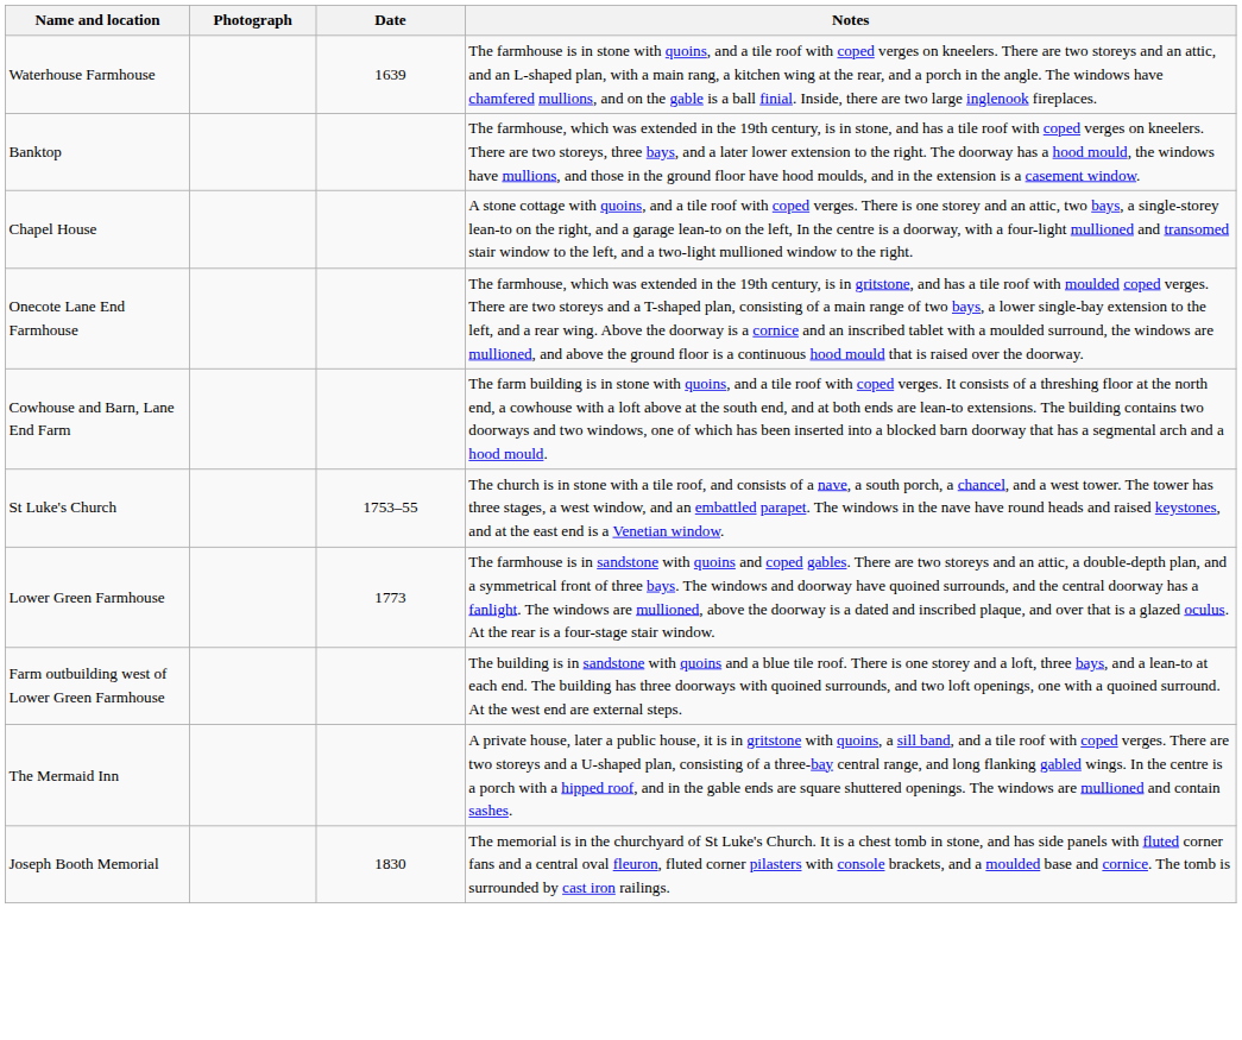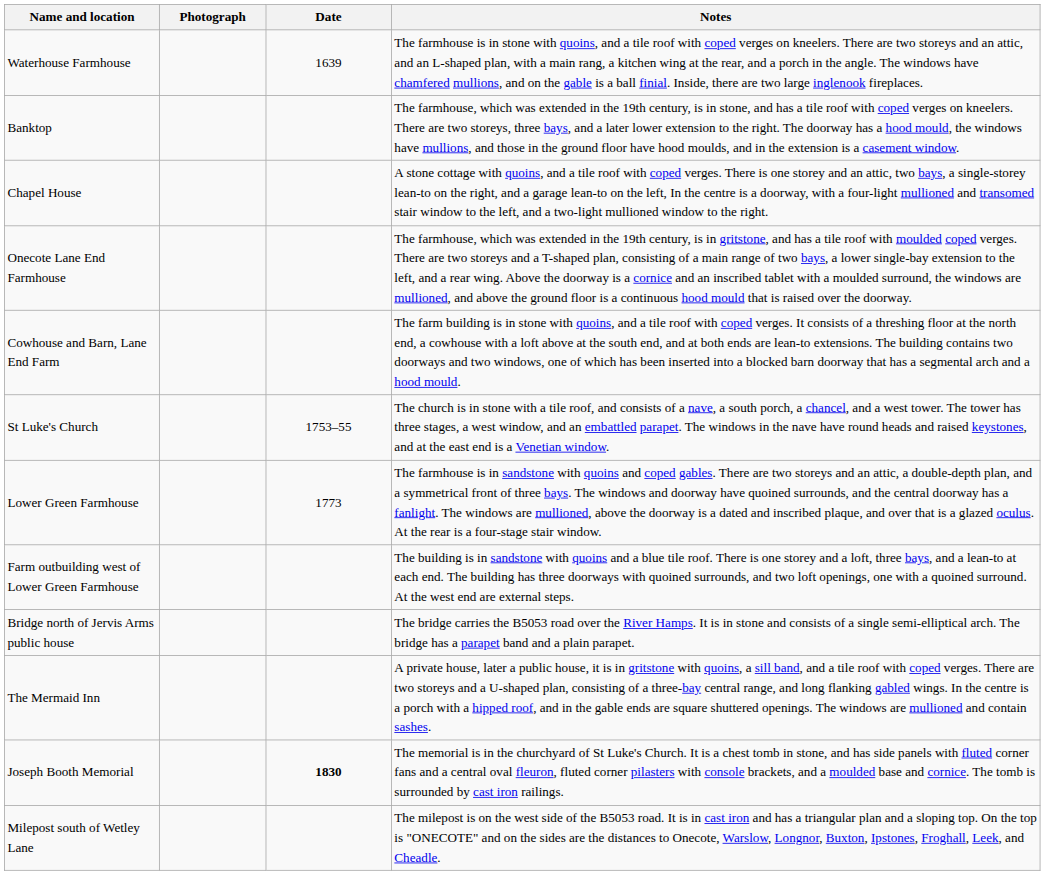 <table class="wikitable sortable plainrowheaders" style="width:100%;border:0px;text-align:left;line-height:150%;">
 <tr>
 <th scope="col"  style="width:150px">Name and location</th>
 <th scope="col"  style="width:100px" class="unsortable">Photograph</th>
 <th scope="col"  style="width:120px">Date</th>
 <th scope="col"  style="width:650px" class="unsortable">Notes</th>
 </tr>
 <tr>
 <td>Waterhouse Farmhouse<br><small></small></td>
 <td></td>
 <td align="center">1639</td>
 <td>The farmhouse is in stone with <a href='#'>quoins</a>, and a tile roof with <a href='#'>coped</a> verges on kneelers.  There are two storeys and an attic, and an L-shaped plan, with a main rang, a kitchen wing at the rear, and a porch in the angle.  The windows have <a href='#'>chamfered</a> <a href='#'>mullions</a>, and on the <a href='#'>gable</a> is a ball <a href='#'>finial</a>.  Inside, there are two large <a href='#'>inglenook</a> fireplaces.</td>
 </tr>
 <tr>
 <td>Banktop<br><small></small></td>
 <td></td>
 <td align="center"></td>
 <td>The farmhouse, which was extended in the 19th century, is in stone, and has a tile roof with <a href='#'>coped</a> verges on kneelers.  There are two storeys, three <a href='#'>bays</a>, and a later lower extension to the right.  The doorway has a <a href='#'>hood mould</a>, the windows have <a href='#'>mullions</a>, and those in the ground floor have hood moulds, and in the extension is a <a href='#'>casement window</a>.</td>
 </tr>
 <tr>
 <td>Chapel House<br><small></small></td>
 <td></td>
 <td align="center"></td>
 <td>A stone cottage with <a href='#'>quoins</a>, and a tile roof with <a href='#'>coped</a> verges.  There is one storey and an attic, two <a href='#'>bays</a>, a single-storey lean-to on the right, and a garage lean-to on the left,  In the centre is a doorway, with a four-light <a href='#'>mullioned</a> and <a href='#'>transomed</a> stair window to the left, and a two-light mullioned window to the right.</td>
 </tr>
 <tr>
 <td>Onecote Lane End Farmhouse<br><small></small></td>
 <td></td>
 <td align="center"></td>
 <td>The farmhouse, which was extended in the 19th century, is in <a href='#'>gritstone</a>, and has a tile roof with <a href='#'>moulded</a> <a href='#'>coped</a> verges.  There are two storeys and a T-shaped plan, consisting of a main range of two <a href='#'>bays</a>, a lower single-bay extension to the left, and a rear wing.  Above the doorway is a <a href='#'>cornice</a> and an inscribed tablet with a moulded surround, the windows are <a href='#'>mullioned</a>, and above the ground floor is a continuous <a href='#'>hood mould</a> that is raised over the doorway.</td>
 </tr>
 <tr>
 <td>Cowhouse and Barn, Lane End Farm<br><small></small></td>
 <td></td>
 <td align="center"></td>
 <td>The farm building is in stone with <a href='#'>quoins</a>, and a tile roof with <a href='#'>coped</a> verges.  It consists of a threshing floor at the north end, a cowhouse with a loft above at the south end, and at both ends are lean-to extensions.  The building contains two doorways and two windows, one of which has been inserted into a blocked barn doorway that has a segmental arch and a <a href='#'>hood mould</a>.</td>
 </tr>
 <tr>
 <td>St Luke's Church<br><small></small></td>
 <td></td>
 <td align="center">1753–55</td>
 <td>The church is in stone with a tile roof, and consists of a <a href='#'>nave</a>, a south porch, a <a href='#'>chancel</a>, and a west tower.  The tower has three stages, a west window, and an <a href='#'>embattled</a> <a href='#'>parapet</a>.  The windows in the nave have round heads and raised <a href='#'>keystones</a>, and at the east end is a <a href='#'>Venetian window</a>.</td>
 </tr>
 <tr>
 <td>Lower Green Farmhouse<br><small></small></td>
 <td></td>
 <td align="center">1773</td>
 <td>The farmhouse is in <a href='#'>sandstone</a> with <a href='#'>quoins</a> and <a href='#'>coped</a> <a href='#'>gables</a>.  There are two storeys and an attic, a double-depth plan, and a symmetrical front of three <a href='#'>bays</a>.  The windows and doorway have quoined surrounds, and the central doorway has a <a href='#'>fanlight</a>.  The windows are <a href='#'>mullioned</a>, above the doorway is a dated and inscribed plaque, and over that is a glazed <a href='#'>oculus</a>.  At the rear is a four-stage stair window.</td>
 </tr>
 <tr>
 <td>Farm outbuilding west of Lower Green Farmhouse<br><small></small></td>
 <td></td>
 <td align="center"></td>
 <td>The building is in <a href='#'>sandstone</a> with <a href='#'>quoins</a> and a blue tile roof.  There is one storey and a loft, three <a href='#'>bays</a>, and a lean-to at each end.  The building has three doorways with quoined surrounds, and two loft openings, one with a quoined surround.  At the west end are external steps.</td>
 </tr>
 <tr>
+<td>Bridge north of Jervis Arms public house<br><small></small></td>
+<td></td>
+<td align="center"></td>
+<td>The bridge carries the B5053 road over the <a href='#'>River Hamps</a>.  It is in stone and consists of a single semi-elliptical arch.  The bridge has a <a href='#'>parapet</a> band and a plain parapet.</td>
+</tr>
+<tr>
 <td>The Mermaid Inn<br><small></small></td>
 <td></td>
 <td align="center"></td>
 <td>A private house, later a public house, it is in <a href='#'>gritstone</a> with <a href='#'>quoins</a>, a <a href='#'>sill band</a>, and a tile roof with <a href='#'>coped</a> verges.  There are two storeys and a U-shaped plan, consisting of a three-<a href='#'>bay</a> central range, and long flanking <a href='#'>gabled</a> wings.  In the centre is a porch with a <a href='#'>hipped roof</a>, and in the gable ends are square shuttered openings.  The windows are <a href='#'>mullioned</a> and contain <a href='#'>sashes</a>.</td>
 </tr>
 <tr>
 <td>Joseph Booth Memorial<br><small></small></td>
 <td></td>
-<td align="center">1830</td>
+<td align="center"><strong>1830</strong></td>
 <td>The memorial is in the churchyard of St Luke's Church.  It is a chest tomb in stone, and has side panels with <a href='#'>fluted</a> corner fans and a central oval <a href='#'>fleuron</a>, fluted corner <a href='#'>pilasters</a> with <a href='#'>console</a> brackets, and a <a href='#'>moulded</a> base and <a href='#'>cornice</a>.  The tomb is surrounded by <a href='#'>cast iron</a> railings.</td>
+</tr>
+<tr>
+<td>Milepost south of Wetley Lane<br><small></small></td>
+<td></td>
+<td align="center"></td>
+<td>The milepost is on the west side of the B5053 road.  It is in <a href='#'>cast iron</a> and has a triangular plan and a sloping top.  On the top is "ONECOTE" and on the sides are the distances to Onecote, <a href='#'>Warslow</a>, <a href='#'>Longnor</a>, <a href='#'>Buxton</a>, <a href='#'>Ipstones</a>, <a href='#'>Froghall</a>, <a href='#'>Leek</a>, and <a href='#'>Cheadle</a>.</td>
 </tr>
 <tr>
 </tr>
 </table>
